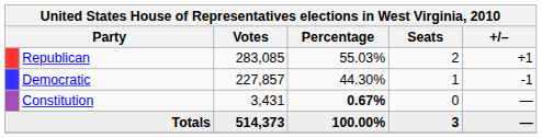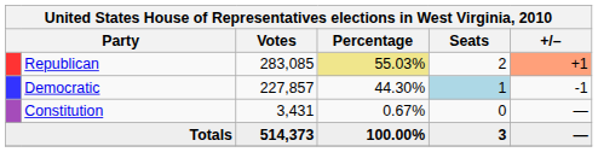 <table class="wikitable" style="font-size: 95%;">
 <tr>
 <th colspan="6">United States House of Representatives elections in West Virginia, 2010</th>
 </tr>
 <tr>
 <th colspan=2 style="width: 15em">Party</th>
 <th style="width: 5em">Votes</th>
 <th style="width: 7em">Percentage</th>
 <th style="width: 5em">Seats</th>
 <th style="width: 5em">+/–</th>
 </tr>
 <tr>
 <th style="background-color:#FF3333; width: 3px"></th>
 <td style="width: 130px"><a href='#'>Republican</a></td>
 <td align="right">283,085</td>
-<td align="right">55.03%</td>
+<td align="right" style="background: khaki;">55.03%</td>
 <td align="right">2</td>
-<td align="right">+1</td>
+<td align="right" style="background: lightsalmon;">+1</td>
 </tr>
 <tr>
 <th style="background-color:#3333FF; width: 3px"></th>
 <td style="width: 130px"><a href='#'>Democratic</a></td>
 <td align="right">227,857</td>
 <td align="right">44.30%</td>
-<td align="right">1</td>
+<td align="right" style="background: lightblue;">1</td>
 <td align="right">-1</td>
 </tr>
 <tr>
 <th style="background-color:#A54CBA; width: 3px"></th>
 <td style="width: 130px"><a href='#'>Constitution</a></td>
 <td align="right">3,431</td>
-<td align="right"><strong>0.67%</strong></td>
+<td align="right">0.67%</td>
 <td align="right">0</td>
 <td align="right">—</td>
 </tr>
 <tr bgcolor="#EEEEEE">
 <td colspan="2" align="right"><strong>Totals</strong></td>
 <td align="right"><strong>514,373</strong></td>
 <td align="right"><strong>100.00%</strong></td>
 <td align="right"><strong>3</strong></td>
 <td align="right"><strong>—</strong></td>
 </tr>
 <tr bgcolor="#EEEEEE">
 </tr>
 </table>
